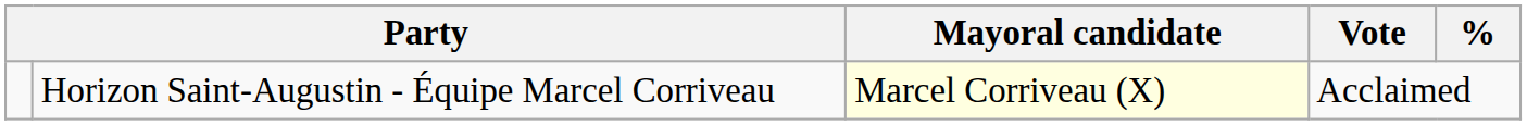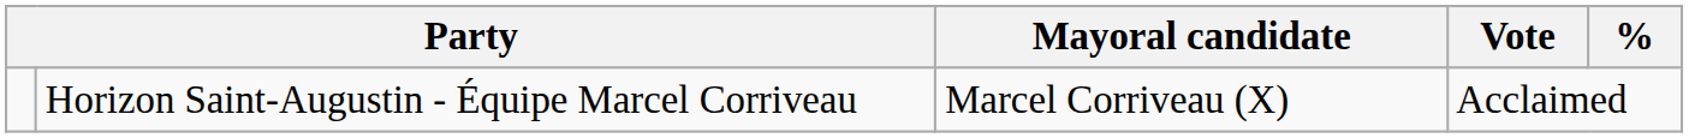 <table class="wikitable">
 <tr>
 <th bgcolor="#DDDDFF" width="370px" colspan="2">Party</th>
 <th bgcolor="#DDDDFF" width="200px">Mayoral candidate</th>
 <th bgcolor="#DDDDFF" width="50px">Vote</th>
 <th bgcolor="#DDDDFF" width="30px">%</th>
 </tr>
 <tr>
 <td> </td>
 <td>Horizon Saint-Augustin - Équipe Marcel Corriveau</td>
-<td style="background: lightyellow;">Marcel Corriveau  (X)</td>
+<td>Marcel Corriveau  (X)</td>
 <td colspan="2">Acclaimed</td>
 </tr>
 </table>
